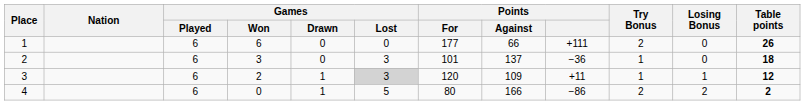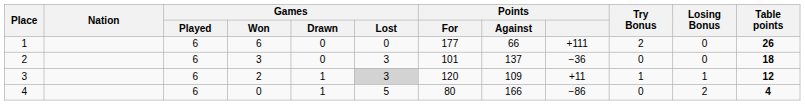 <table class="wikitable" style="text-align:center; width:100%;">
 <tr>
 <th rowspan="2" style="width:5%;">Place</th>
 <th rowspan="2" style="width:15%;">Nation</th>
 <th colspan="4" style="width:32%;">Games</th>
 <th colspan="3" style="width:18%;">Points</th>
 <th rowspan="2" style="width:8%;">Try<br>Bonus</th>
 <th rowspan="2" style="width:8%;">Losing<br>Bonus</th>
 <th rowspan="2" style="width:10%;">Table<br>points</th>
 </tr>
 <tr>
 <th style="width:8%;">Played</th>
 <th style="width:8%;">Won</th>
 <th style="width:8%;">Drawn</th>
 <th style="width:8%;">Lost</th>
 <th style="width:8%;">For</th>
 <th style="width:8%;">Against</th>
 <th style="width:8%;"></th>
 </tr>
 <tr>
 <td>1</td>
 <td align=left></td>
 <td>6</td>
 <td>6</td>
 <td>0</td>
 <td>0</td>
 <td>177</td>
 <td>66</td>
 <td>+111</td>
 <td>2</td>
 <td>0</td>
 <td><strong>26</strong></td>
 </tr>
 <tr>
 <td>2</td>
 <td align=left></td>
 <td>6</td>
 <td>3</td>
 <td>0</td>
 <td>3</td>
 <td>101</td>
 <td>137</td>
 <td>−36</td>
-<td>1</td>
+<td>0</td>
 <td>0</td>
 <td><strong>18</strong></td>
 </tr>
 <tr>
 <td>3</td>
 <td align=left></td>
 <td>6</td>
 <td>2</td>
 <td>1</td>
 <td style="background: lightgrey;">3</td>
 <td>120</td>
 <td>109</td>
 <td>+11</td>
 <td>1</td>
 <td>1</td>
 <td><strong>12</strong></td>
 </tr>
 <tr>
 <td>4</td>
 <td align=left></td>
 <td>6</td>
 <td>0</td>
 <td>1</td>
 <td>5</td>
 <td>80</td>
 <td>166</td>
 <td>−86</td>
+<td>0</td>
 <td>2</td>
-<td>2</td>
-<td><strong>2</strong></td>
+<td><strong>4</strong></td>
 </tr>
 </table>
